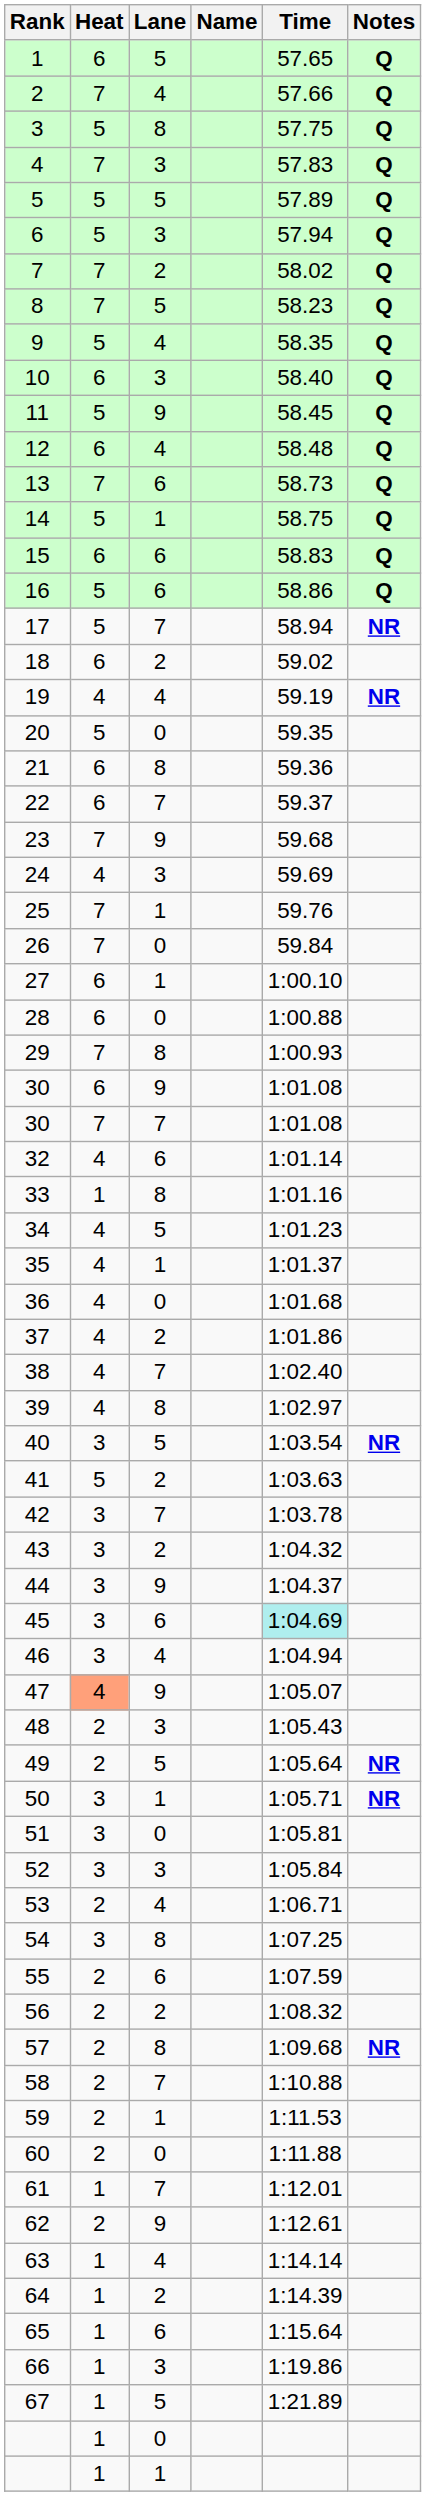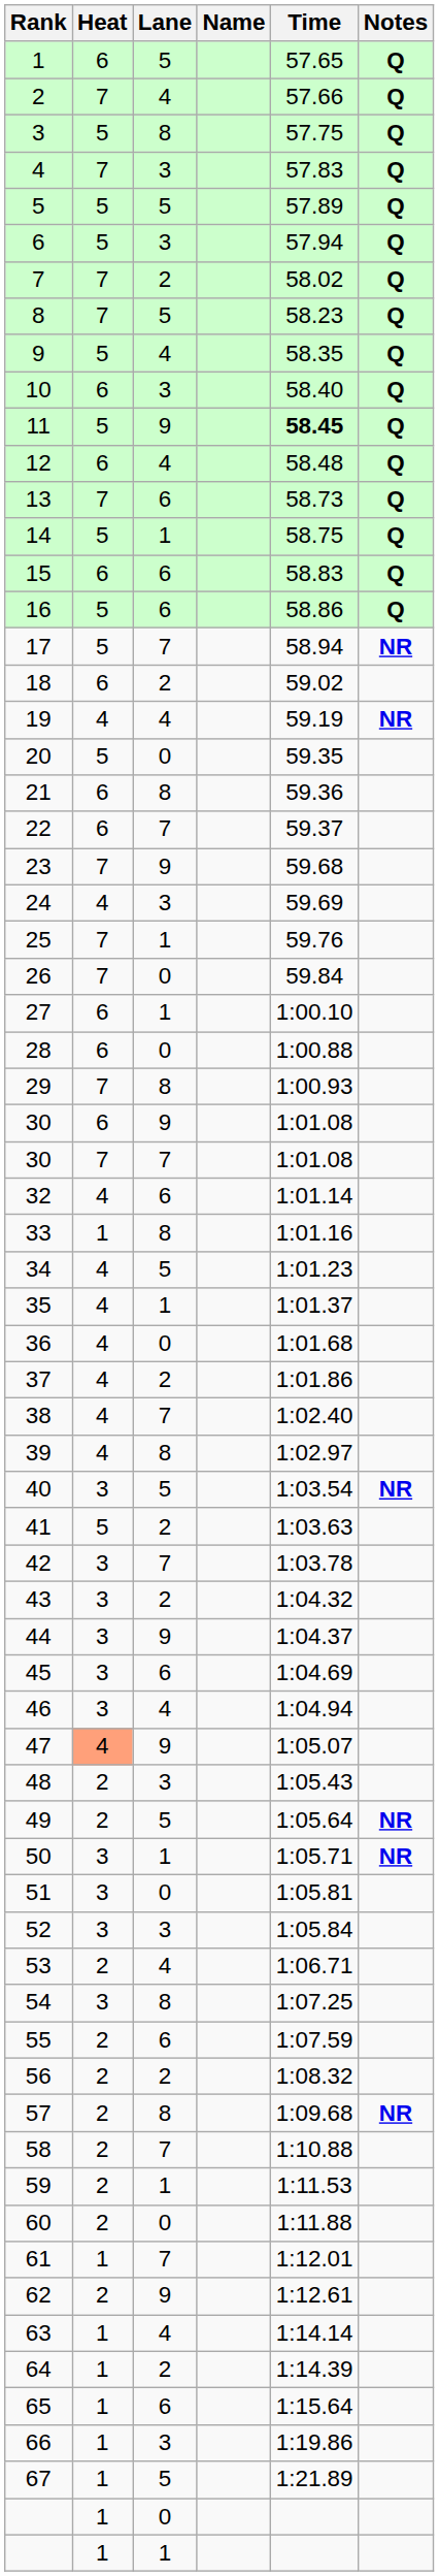 <table class="wikitable sortable" style="text-align:center">
 <tr>
 <th>Rank</th>
 <th>Heat</th>
 <th>Lane</th>
 <th>Name</th>
 <th>Time</th>
 <th>Notes</th>
 </tr>
 <tr bgcolor=ccffcc>
 <td>1</td>
 <td>6</td>
 <td>5</td>
 <td align=left></td>
 <td>57.65</td>
 <td><strong>Q</strong></td>
 </tr>
 <tr bgcolor=ccffcc>
 <td>2</td>
 <td>7</td>
 <td>4</td>
 <td align=left></td>
 <td>57.66</td>
 <td><strong>Q</strong></td>
 </tr>
 <tr bgcolor=ccffcc>
 <td>3</td>
 <td>5</td>
 <td>8</td>
 <td align=left></td>
 <td>57.75</td>
 <td><strong>Q</strong></td>
 </tr>
 <tr bgcolor=ccffcc>
 <td>4</td>
 <td>7</td>
 <td>3</td>
 <td align=left></td>
 <td>57.83</td>
 <td><strong>Q</strong></td>
 </tr>
 <tr bgcolor=ccffcc>
 <td>5</td>
 <td>5</td>
 <td>5</td>
 <td align=left></td>
 <td>57.89</td>
 <td><strong>Q</strong></td>
 </tr>
 <tr bgcolor=ccffcc>
 <td>6</td>
 <td>5</td>
 <td>3</td>
 <td align=left></td>
 <td>57.94</td>
 <td><strong>Q</strong></td>
 </tr>
 <tr bgcolor=ccffcc>
 <td>7</td>
 <td>7</td>
 <td>2</td>
 <td align=left></td>
 <td>58.02</td>
 <td><strong>Q</strong></td>
 </tr>
 <tr bgcolor=ccffcc>
 <td>8</td>
 <td>7</td>
 <td>5</td>
 <td align=left></td>
 <td>58.23</td>
 <td><strong>Q</strong></td>
 </tr>
 <tr bgcolor=ccffcc>
 <td>9</td>
 <td>5</td>
 <td>4</td>
 <td align=left></td>
 <td>58.35</td>
 <td><strong>Q</strong></td>
 </tr>
 <tr bgcolor=ccffcc>
 <td>10</td>
 <td>6</td>
 <td>3</td>
 <td align=left></td>
 <td>58.40</td>
 <td><strong>Q</strong></td>
 </tr>
 <tr bgcolor=ccffcc>
 <td>11</td>
 <td>5</td>
 <td>9</td>
 <td align=left></td>
-<td>58.45</td>
+<td><strong>58.45</strong></td>
 <td><strong>Q</strong></td>
 </tr>
 <tr bgcolor=ccffcc>
 <td>12</td>
 <td>6</td>
 <td>4</td>
 <td align=left></td>
 <td>58.48</td>
 <td><strong>Q</strong></td>
 </tr>
 <tr bgcolor=ccffcc>
 <td>13</td>
 <td>7</td>
 <td>6</td>
 <td align=left></td>
 <td>58.73</td>
 <td><strong>Q</strong></td>
 </tr>
 <tr bgcolor=ccffcc>
 <td>14</td>
 <td>5</td>
 <td>1</td>
 <td align=left></td>
 <td>58.75</td>
 <td><strong>Q</strong></td>
 </tr>
 <tr bgcolor=ccffcc>
 <td>15</td>
 <td>6</td>
 <td>6</td>
 <td align=left></td>
 <td>58.83</td>
 <td><strong>Q</strong></td>
 </tr>
 <tr bgcolor=ccffcc>
 <td>16</td>
 <td>5</td>
 <td>6</td>
 <td align=left></td>
 <td>58.86</td>
 <td><strong>Q</strong></td>
 </tr>
 <tr>
 <td>17</td>
 <td>5</td>
 <td>7</td>
 <td align=left></td>
 <td>58.94</td>
 <td><strong><a href='#'>NR</a></strong></td>
 </tr>
 <tr>
 <td>18</td>
 <td>6</td>
 <td>2</td>
 <td align=left></td>
 <td>59.02</td>
 <td></td>
 </tr>
 <tr>
 <td>19</td>
 <td>4</td>
 <td>4</td>
 <td align=left></td>
 <td>59.19</td>
 <td><strong><a href='#'>NR</a></strong></td>
 </tr>
 <tr>
 <td>20</td>
 <td>5</td>
 <td>0</td>
 <td align=left></td>
 <td>59.35</td>
 <td></td>
 </tr>
 <tr>
 <td>21</td>
 <td>6</td>
 <td>8</td>
 <td align=left></td>
 <td>59.36</td>
 <td></td>
 </tr>
 <tr>
 <td>22</td>
 <td>6</td>
 <td>7</td>
 <td align=left></td>
 <td>59.37</td>
 <td></td>
 </tr>
 <tr>
 <td>23</td>
 <td>7</td>
 <td>9</td>
 <td align=left></td>
 <td>59.68</td>
 <td></td>
 </tr>
 <tr>
 <td>24</td>
 <td>4</td>
 <td>3</td>
 <td align=left></td>
 <td>59.69</td>
 <td></td>
 </tr>
 <tr>
 <td>25</td>
 <td>7</td>
 <td>1</td>
 <td align=left></td>
 <td>59.76</td>
 <td></td>
 </tr>
 <tr>
 <td>26</td>
 <td>7</td>
 <td>0</td>
 <td align=left></td>
 <td>59.84</td>
 <td></td>
 </tr>
 <tr>
 <td>27</td>
 <td>6</td>
 <td>1</td>
 <td align=left></td>
 <td>1:00.10</td>
 <td></td>
 </tr>
 <tr>
 <td>28</td>
 <td>6</td>
 <td>0</td>
 <td align=left></td>
 <td>1:00.88</td>
 <td></td>
 </tr>
 <tr>
 <td>29</td>
 <td>7</td>
 <td>8</td>
 <td align=left></td>
 <td>1:00.93</td>
 <td></td>
 </tr>
 <tr>
 <td>30</td>
 <td>6</td>
 <td>9</td>
 <td align=left></td>
 <td>1:01.08</td>
 <td></td>
 </tr>
 <tr>
 <td>30</td>
 <td>7</td>
 <td>7</td>
 <td align=left></td>
 <td>1:01.08</td>
 <td></td>
 </tr>
 <tr>
 <td>32</td>
 <td>4</td>
 <td>6</td>
 <td align=left></td>
 <td>1:01.14</td>
 <td></td>
 </tr>
 <tr>
 <td>33</td>
 <td>1</td>
 <td>8</td>
 <td align=left></td>
 <td>1:01.16</td>
 <td></td>
 </tr>
 <tr>
 <td>34</td>
 <td>4</td>
 <td>5</td>
 <td align=left></td>
 <td>1:01.23</td>
 <td></td>
 </tr>
 <tr>
 <td>35</td>
 <td>4</td>
 <td>1</td>
 <td align=left></td>
 <td>1:01.37</td>
 <td></td>
 </tr>
 <tr>
 <td>36</td>
 <td>4</td>
 <td>0</td>
 <td align=left></td>
 <td>1:01.68</td>
 <td></td>
 </tr>
 <tr>
 <td>37</td>
 <td>4</td>
 <td>2</td>
 <td align=left></td>
 <td>1:01.86</td>
 <td></td>
 </tr>
 <tr>
 <td>38</td>
 <td>4</td>
 <td>7</td>
 <td align=left></td>
 <td>1:02.40</td>
 <td></td>
 </tr>
 <tr>
 <td>39</td>
 <td>4</td>
 <td>8</td>
 <td align=left></td>
 <td>1:02.97</td>
 <td></td>
 </tr>
 <tr>
 <td>40</td>
 <td>3</td>
 <td>5</td>
 <td align=left></td>
 <td>1:03.54</td>
 <td><strong><a href='#'>NR</a></strong></td>
 </tr>
 <tr>
 <td>41</td>
 <td>5</td>
 <td>2</td>
 <td align=left></td>
 <td>1:03.63</td>
 <td></td>
 </tr>
 <tr>
 <td>42</td>
 <td>3</td>
 <td>7</td>
 <td align=left></td>
 <td>1:03.78</td>
 <td></td>
 </tr>
 <tr>
 <td>43</td>
 <td>3</td>
 <td>2</td>
 <td align=left></td>
 <td>1:04.32</td>
 <td></td>
 </tr>
 <tr>
 <td>44</td>
 <td>3</td>
 <td>9</td>
 <td align=left></td>
 <td>1:04.37</td>
 <td></td>
 </tr>
 <tr>
 <td>45</td>
 <td>3</td>
 <td>6</td>
 <td align=left></td>
-<td style="background: paleturquoise;">1:04.69</td>
+<td>1:04.69</td>
 <td></td>
 </tr>
 <tr>
 <td>46</td>
 <td>3</td>
 <td>4</td>
 <td align=left></td>
 <td>1:04.94</td>
 <td></td>
 </tr>
 <tr>
 <td>47</td>
 <td style="background: lightsalmon;">4</td>
 <td>9</td>
 <td align=left></td>
 <td>1:05.07</td>
 <td></td>
 </tr>
 <tr>
 <td>48</td>
 <td>2</td>
 <td>3</td>
 <td align=left></td>
 <td>1:05.43</td>
 <td></td>
 </tr>
 <tr>
 <td>49</td>
 <td>2</td>
 <td>5</td>
 <td align=left></td>
 <td>1:05.64</td>
 <td><strong><a href='#'>NR</a></strong></td>
 </tr>
 <tr>
 <td>50</td>
 <td>3</td>
 <td>1</td>
 <td align=left></td>
 <td>1:05.71</td>
 <td><strong><a href='#'>NR</a></strong></td>
 </tr>
 <tr>
 <td>51</td>
 <td>3</td>
 <td>0</td>
 <td align=left></td>
 <td>1:05.81</td>
 <td></td>
 </tr>
 <tr>
 <td>52</td>
 <td>3</td>
 <td>3</td>
 <td align=left></td>
 <td>1:05.84</td>
 <td></td>
 </tr>
 <tr>
 <td>53</td>
 <td>2</td>
 <td>4</td>
 <td align=left></td>
 <td>1:06.71</td>
 <td></td>
 </tr>
 <tr>
 <td>54</td>
 <td>3</td>
 <td>8</td>
 <td align=left></td>
 <td>1:07.25</td>
 <td></td>
 </tr>
 <tr>
 <td>55</td>
 <td>2</td>
 <td>6</td>
 <td align=left></td>
 <td>1:07.59</td>
 <td></td>
 </tr>
 <tr>
 <td>56</td>
 <td>2</td>
 <td>2</td>
 <td align=left></td>
 <td>1:08.32</td>
 <td></td>
 </tr>
 <tr>
 <td>57</td>
 <td>2</td>
 <td>8</td>
 <td align=left></td>
 <td>1:09.68</td>
 <td><strong><a href='#'>NR</a></strong></td>
 </tr>
 <tr>
 <td>58</td>
 <td>2</td>
 <td>7</td>
 <td align=left></td>
 <td>1:10.88</td>
 <td></td>
 </tr>
 <tr>
 <td>59</td>
 <td>2</td>
 <td>1</td>
 <td align=left></td>
 <td>1:11.53</td>
 <td></td>
 </tr>
 <tr>
 <td>60</td>
 <td>2</td>
 <td>0</td>
 <td align=left></td>
 <td>1:11.88</td>
 <td></td>
 </tr>
 <tr>
 <td>61</td>
 <td>1</td>
 <td>7</td>
 <td align=left></td>
 <td>1:12.01</td>
 <td></td>
 </tr>
 <tr>
 <td>62</td>
 <td>2</td>
 <td>9</td>
 <td align=left></td>
 <td>1:12.61</td>
 <td></td>
 </tr>
 <tr>
 <td>63</td>
 <td>1</td>
 <td>4</td>
 <td align=left></td>
 <td>1:14.14</td>
 <td></td>
 </tr>
 <tr>
 <td>64</td>
 <td>1</td>
 <td>2</td>
 <td align=left></td>
 <td>1:14.39</td>
 <td></td>
 </tr>
 <tr>
 <td>65</td>
 <td>1</td>
 <td>6</td>
 <td align=left></td>
 <td>1:15.64</td>
 <td></td>
 </tr>
 <tr>
 <td>66</td>
 <td>1</td>
 <td>3</td>
 <td align=left></td>
 <td>1:19.86</td>
 <td></td>
 </tr>
 <tr>
 <td>67</td>
 <td>1</td>
 <td>5</td>
 <td align=left></td>
 <td>1:21.89</td>
 <td></td>
 </tr>
 <tr>
 <td></td>
 <td>1</td>
 <td>0</td>
 <td align=left></td>
 <td></td>
 <td></td>
 </tr>
 <tr>
 <td></td>
 <td>1</td>
 <td>1</td>
 <td align=left></td>
 <td></td>
 <td></td>
 </tr>
 </table>
